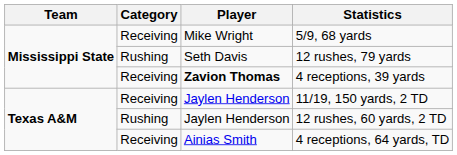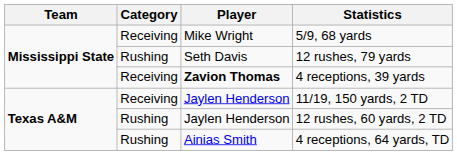 <table class="wikitable" style="float: right;">
 <tr>
 <th>Team</th>
 <th>Category</th>
 <th>Player</th>
 <th>Statistics</th>
 </tr>
 <tr>
 <td rowspan=3><strong>Mississippi State</strong></td>
 <td>Receiving</td>
 <td>Mike Wright</td>
 <td>5/9, 68 yards</td>
 </tr>
 <tr>
 <td>Rushing</td>
 <td>Seth Davis</td>
 <td>12 rushes, 79 yards</td>
 </tr>
 <tr>
 <td>Receiving</td>
 <td><strong>Zavion Thomas</strong></td>
 <td>4 receptions, 39 yards</td>
 </tr>
 <tr>
 <td rowspan=3><strong>Texas A&M</strong></td>
 <td>Receiving</td>
 <td><a href='#'>Jaylen Henderson</a></td>
 <td>11/19, 150 yards, 2 TD</td>
 </tr>
 <tr>
 <td>Rushing</td>
 <td>Jaylen Henderson</td>
 <td>12 rushes, 60 yards, 2 TD</td>
 </tr>
 <tr>
-<td>Receiving</td>
+<td>Rushing</td>
 <td><a href='#'>Ainias Smith</a></td>
 <td>4 receptions, 64 yards, TD</td>
 </tr>
 </table>
